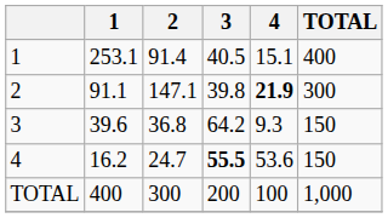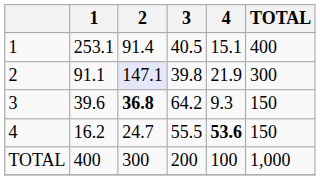 <table class="wikitable" style="margin:1em auto;">
 <tr>
 <th></th>
 <th>1</th>
 <th>2</th>
 <th>3</th>
 <th>4</th>
 <th>TOTAL</th>
 </tr>
 <tr>
 <td>1</td>
 <td>253.1</td>
 <td>91.4</td>
 <td>40.5</td>
 <td>15.1</td>
 <td>400</td>
 </tr>
 <tr>
 <td>2</td>
 <td>91.1</td>
-<td>147.1</td>
+<td style="background: lavender;">147.1</td>
 <td>39.8</td>
-<td><strong>21.9</strong></td>
+<td>21.9</td>
 <td>300</td>
 </tr>
 <tr>
 <td>3</td>
 <td>39.6</td>
-<td>36.8</td>
+<td><strong>36.8</strong></td>
 <td>64.2</td>
 <td>9.3</td>
 <td>150</td>
 </tr>
 <tr>
 <td>4</td>
 <td>16.2</td>
 <td>24.7</td>
-<td><strong>55.5</strong></td>
-<td>53.6</td>
+<td>55.5</td>
+<td><strong>53.6</strong></td>
 <td>150</td>
 </tr>
 <tr>
 <td>TOTAL</td>
 <td>400</td>
 <td>300</td>
 <td>200</td>
 <td>100</td>
 <td>1,000</td>
 </tr>
 <tr>
 </tr>
 </table>
